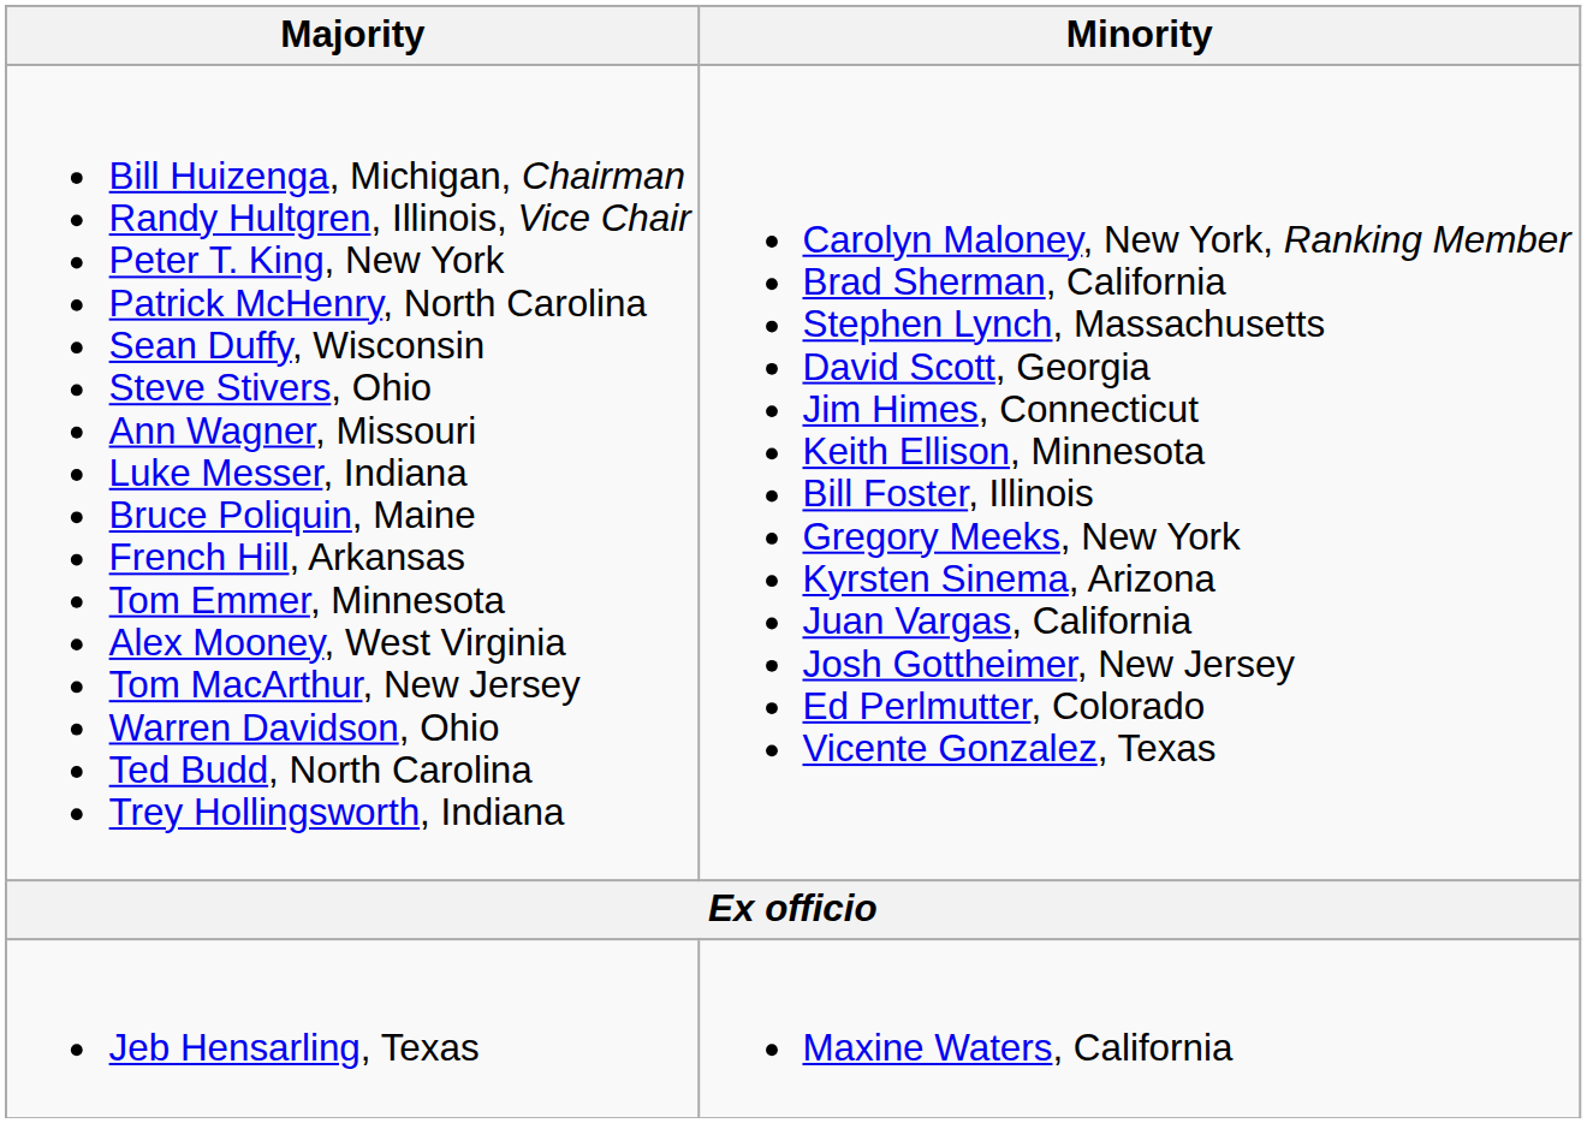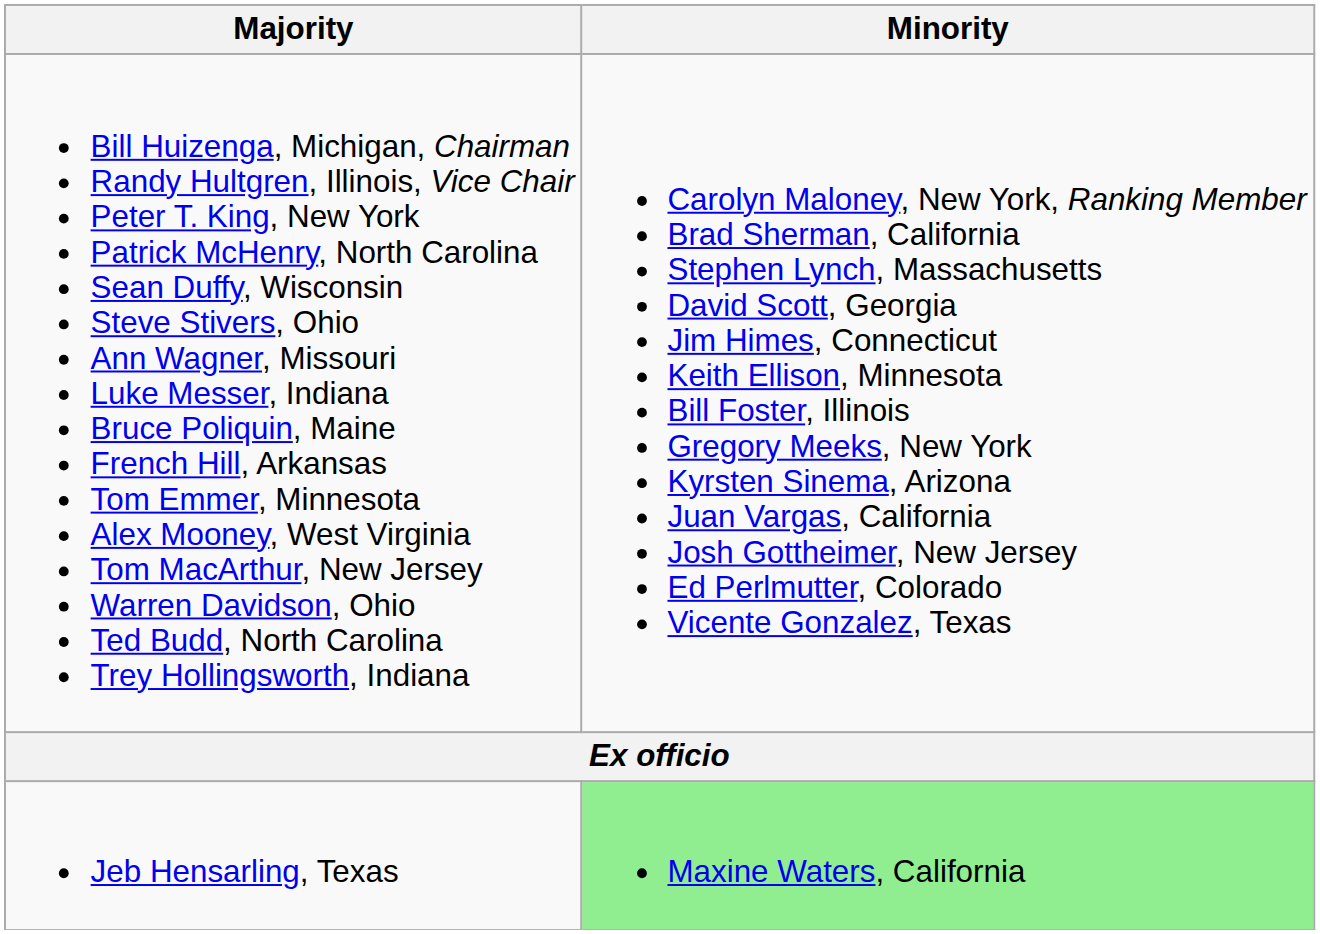 <table class=wikitable>
 <tr>
 <th>Majority</th>
 <th>Minority</th>
 </tr>
 <tr>
 <td><br><ul><li><a href='#'>Bill Huizenga</a>, Michigan, <em>Chairman</em></li><li><a href='#'>Randy Hultgren</a>, Illinois, <em>Vice Chair</em></li><li><a href='#'>Peter T. King</a>, New York</li><li><a href='#'>Patrick McHenry</a>, North Carolina</li><li><a href='#'>Sean Duffy</a>, Wisconsin</li><li><a href='#'>Steve Stivers</a>, Ohio</li><li><a href='#'>Ann Wagner</a>, Missouri</li><li><a href='#'>Luke Messer</a>, Indiana</li><li><a href='#'>Bruce Poliquin</a>, Maine</li><li><a href='#'>French Hill</a>, Arkansas</li><li><a href='#'>Tom Emmer</a>, Minnesota</li><li><a href='#'>Alex Mooney</a>, West Virginia</li><li><a href='#'>Tom MacArthur</a>, New Jersey</li><li><a href='#'>Warren Davidson</a>, Ohio</li><li><a href='#'>Ted Budd</a>, North Carolina</li><li><a href='#'>Trey Hollingsworth</a>, Indiana</li></ul></td>
 <td><br><ul><li><a href='#'>Carolyn Maloney</a>, New York, <em>Ranking Member</em></li><li><a href='#'>Brad Sherman</a>, California</li><li><a href='#'>Stephen Lynch</a>, Massachusetts</li><li><a href='#'>David Scott</a>, Georgia</li><li><a href='#'>Jim Himes</a>, Connecticut</li><li><a href='#'>Keith Ellison</a>, Minnesota</li><li><a href='#'>Bill Foster</a>, Illinois</li><li><a href='#'>Gregory Meeks</a>, New York</li><li><a href='#'>Kyrsten Sinema</a>, Arizona</li><li><a href='#'>Juan Vargas</a>, California</li><li><a href='#'>Josh Gottheimer</a>, New Jersey</li><li><a href='#'>Ed Perlmutter</a>, Colorado</li><li><a href='#'>Vicente Gonzalez</a>, Texas</li></ul></td>
 </tr>
 <tr>
 <th colspan=2><em>Ex officio</em></th>
 </tr>
 <tr>
 <td><br><ul><li><a href='#'>Jeb Hensarling</a>, Texas</li></ul></td>
-<td><br><ul><li><a href='#'>Maxine Waters</a>, California</li></ul></td>
+<td style="background: lightgreen;"><br><ul><li><a href='#'>Maxine Waters</a>, California</li></ul></td>
 </tr>
 </table>
